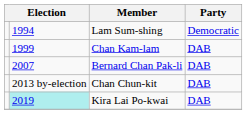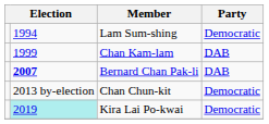 <table class="wikitable">
 <tr>
 <th colspan="2">Election</th>
 <th>Member</th>
 <th>Party</th>
 </tr>
 <tr>
 <td style="background-color: "></td>
 <td><a href='#'>1994</a></td>
 <td>Lam Sum-shing</td>
 <td><a href='#'>Democratic</a></td>
 </tr>
 <tr>
 <td style="background-color: "></td>
 <td><a href='#'>1999</a></td>
 <td><a href='#'>Chan Kam-lam</a></td>
 <td><a href='#'>DAB</a></td>
 </tr>
 <tr>
 <td style="background-color: "></td>
-<td><a href='#'>2007</a></td>
+<td><strong><a href='#'>2007</a></strong></td>
 <td><a href='#'>Bernard Chan Pak-li</a></td>
 <td><a href='#'>DAB</a></td>
 </tr>
 <tr>
 <td style="background-color: "></td>
 <td>2013 by-election</td>
 <td>Chan Chun-kit</td>
-<td><a href='#'>DAB</a></td>
+<td><a href='#'>Democratic</a></td>
 </tr>
 <tr>
 <td style="background-color: "></td>
 <td style="background: paleturquoise;"><a href='#'>2019</a></td>
 <td>Kira Lai Po-kwai</td>
-<td><a href='#'>DAB</a></td>
+<td><a href='#'>Democratic</a></td>
 </tr>
 <tr>
 </tr>
 </table>
